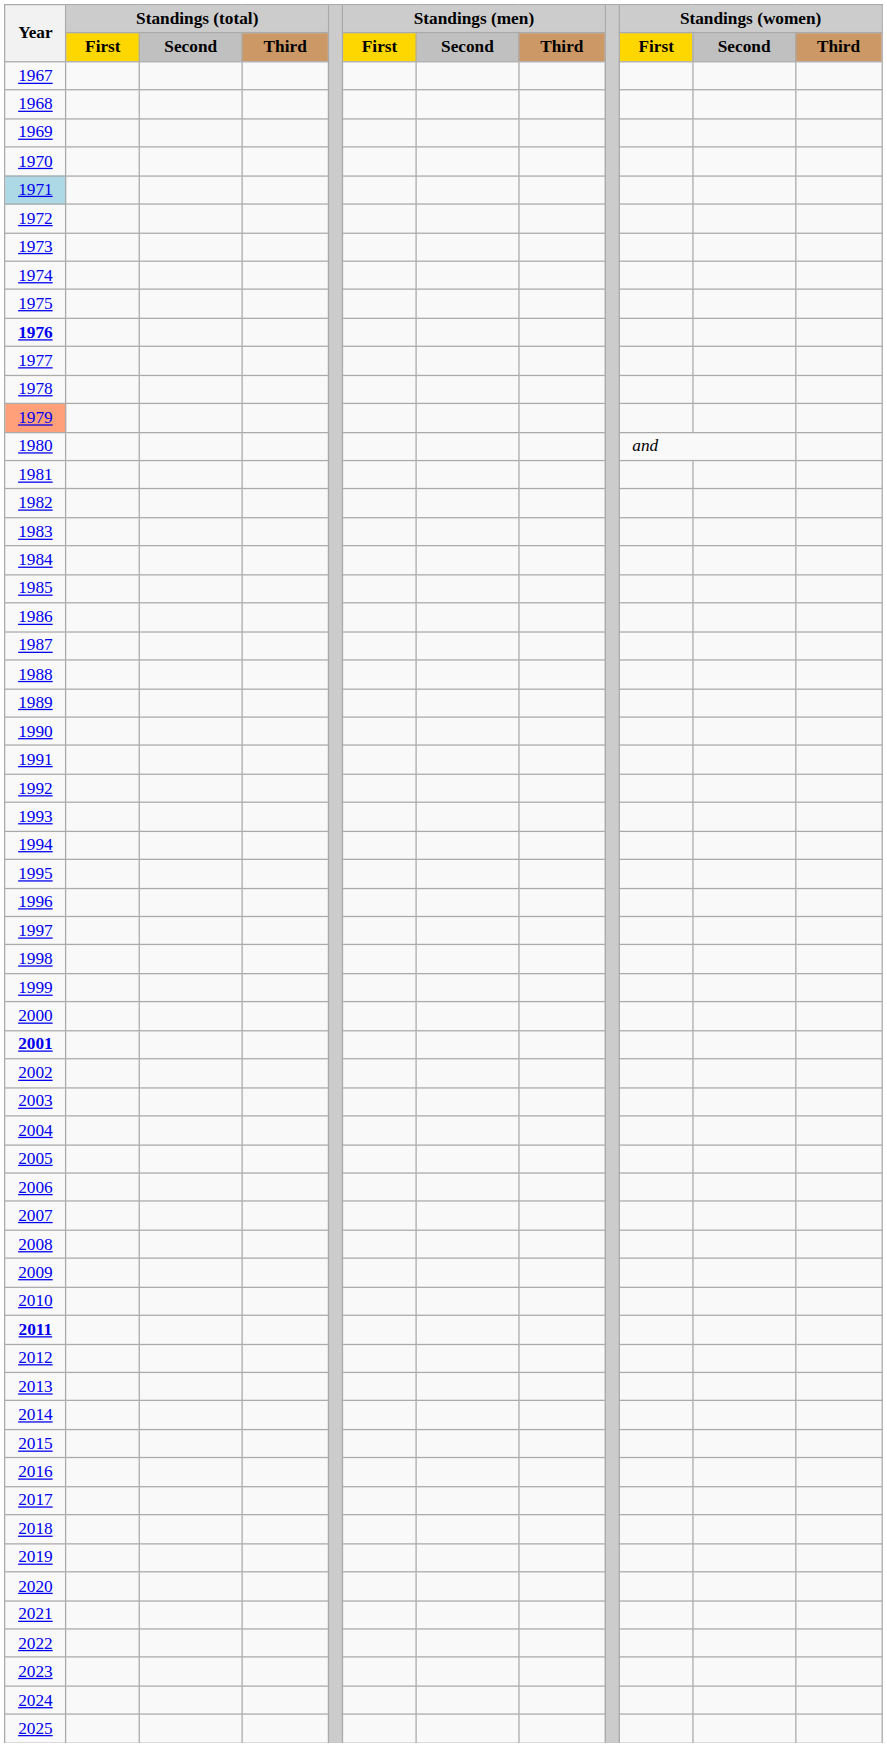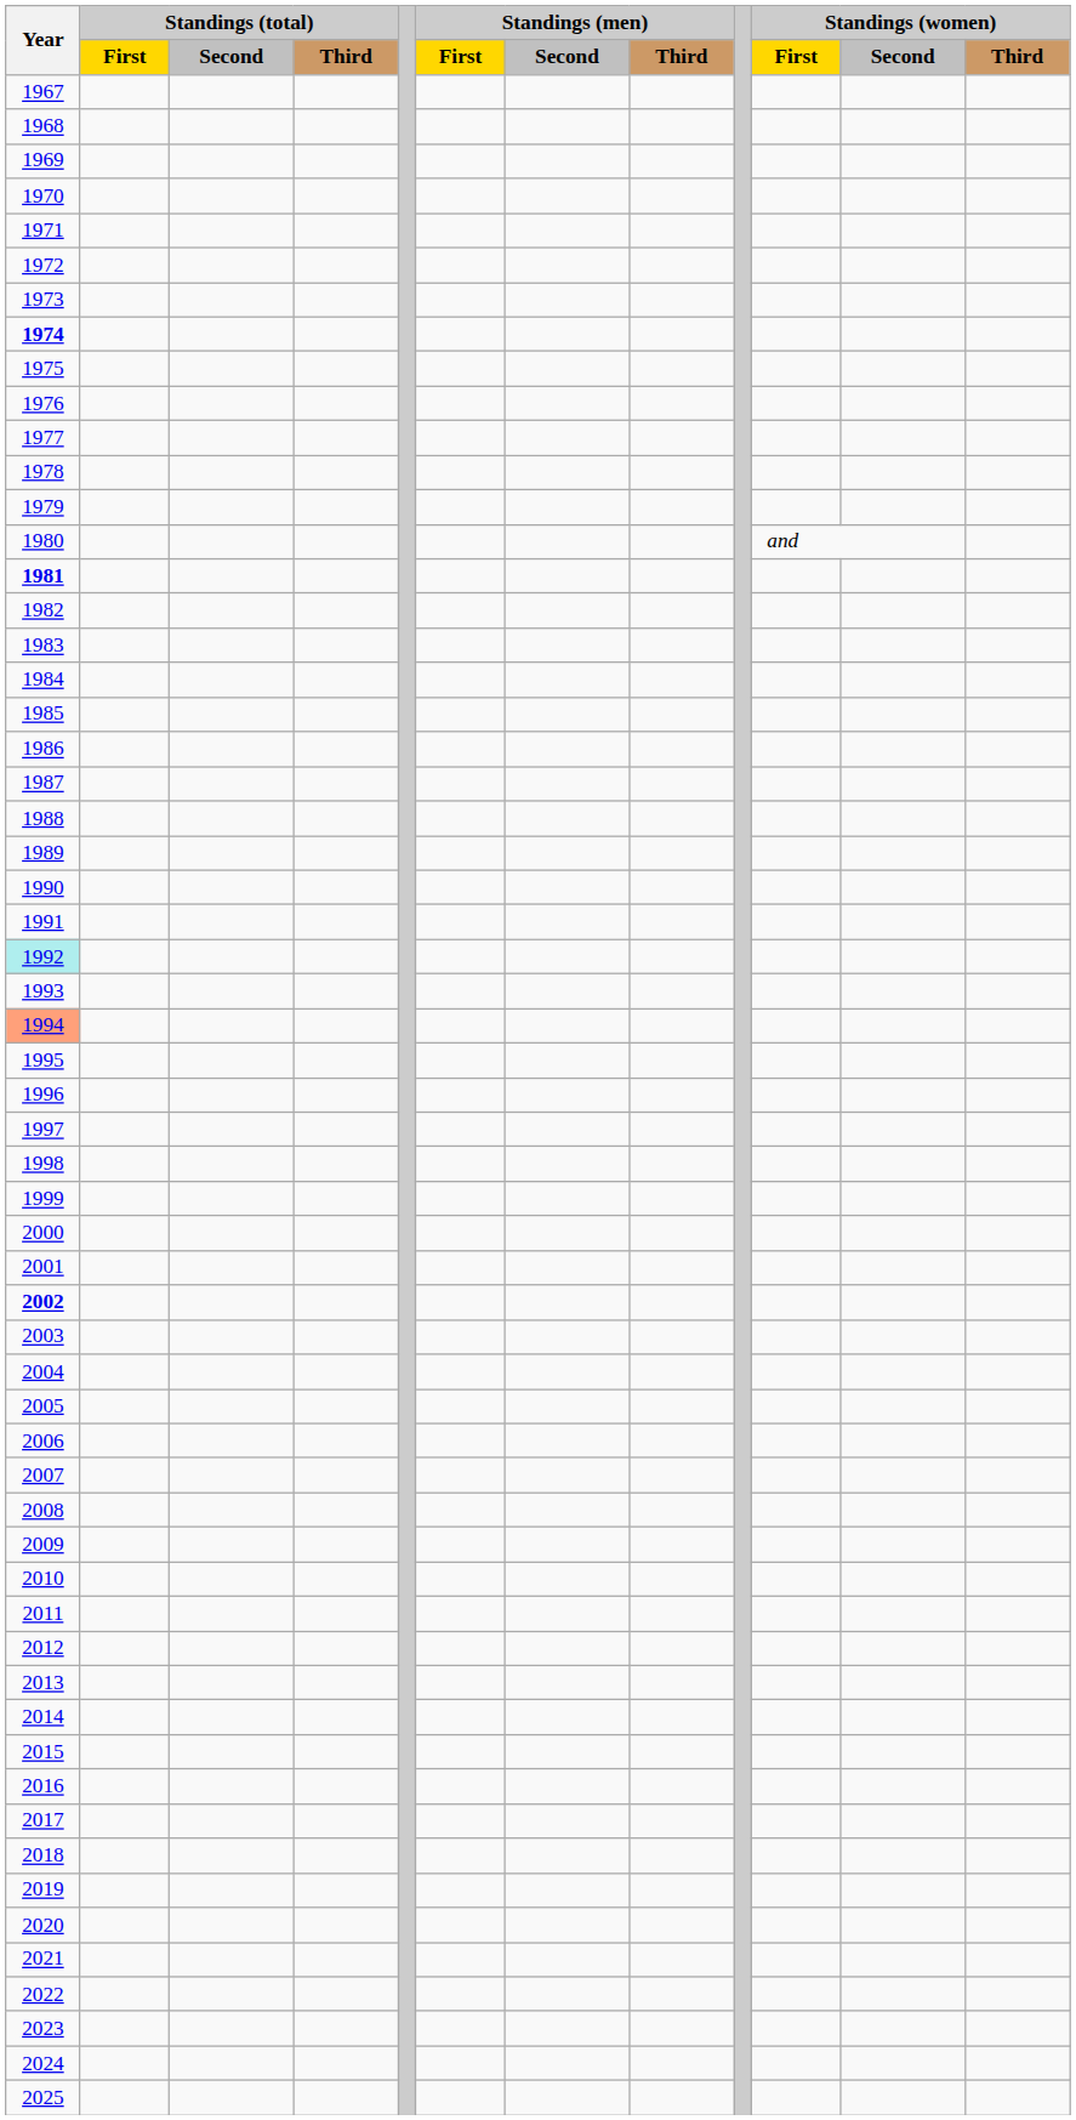 <table class="wikitable" style="font-size:85%;" line-height:15px;>
 <tr>
 <th rowspan="2" align=center width="42">Year</th>
 <th style="background-color: #ccc;" colspan="3" align=center width="200">Standings (total)</th>
 <th style="background-color: #ccc;" rowspan="61" width="5"> </th>
 <th style="background-color: #ccc;" colspan="3" align=center width="200">Standings (men)</th>
 <th style="background-color: #ccc;" rowspan="61" width="5"> </th>
 <th style="background-color: #ccc;" colspan="3" align=center width="200">Standings (women)</th>
 </tr>
 <tr style="background:#ccc; text-align:center;">
 <th style="background:gold">First</th>
 <th style="background-color: #C0C0C0;">Second</th>
 <th style="background-color: #CC9966;">Third</th>
 <th style="background:gold">First</th>
 <th style="background-color: #C0C0C0;">Second</th>
 <th style="background-color: #CC9966;">Third</th>
 <th style="background:gold">First</th>
 <th style="background-color: #C0C0C0;">Second</th>
 <th style="background-color: #CC9966;">Third</th>
 </tr>
 <tr>
 <td align=center><a href='#'>1967</a></td>
 <td></td>
 <td></td>
 <td></td>
 <td></td>
 <td></td>
 <td>  </td>
 <td></td>
 <td></td>
 <td></td>
 </tr>
 <tr>
 <td align=center><a href='#'>1968</a></td>
 <td></td>
 <td></td>
 <td></td>
 <td></td>
 <td></td>
 <td>  </td>
 <td></td>
 <td></td>
 <td></td>
 </tr>
 <tr>
 <td align=center><a href='#'>1969</a></td>
 <td></td>
 <td></td>
 <td></td>
 <td></td>
 <td></td>
 <td>  </td>
 <td></td>
 <td></td>
 <td></td>
 </tr>
 <tr>
 <td align=center><a href='#'>1970</a></td>
 <td></td>
 <td></td>
 <td></td>
 <td></td>
 <td></td>
 <td>  </td>
 <td></td>
 <td></td>
 <td></td>
 </tr>
 <tr>
-<td align=center style="background: lightblue;"><a href='#'>1971</a></td>
+<td align=center><a href='#'>1971</a></td>
 <td></td>
 <td></td>
 <td>  </td>
 <td></td>
 <td></td>
 <td></td>
 <td></td>
 <td></td>
 <td></td>
 </tr>
 <tr>
 <td align=center><a href='#'>1972</a></td>
 <td></td>
 <td></td>
 <td>  </td>
 <td style="white-space: nowrap;">  </td>
 <td></td>
 <td></td>
 <td></td>
 <td></td>
 <td></td>
 </tr>
 <tr>
 <td align=center><a href='#'>1973</a></td>
 <td></td>
 <td></td>
 <td>  </td>
 <td></td>
 <td></td>
 <td>  </td>
 <td></td>
 <td></td>
 <td style="white-space: nowrap;"></td>
 </tr>
 <tr>
-<td align=center><a href='#'>1974</a></td>
+<td align=center><strong><a href='#'>1974</a></strong></td>
 <td></td>
 <td></td>
 <td>  </td>
 <td></td>
 <td></td>
 <td>  </td>
 <td></td>
 <td style="white-space: nowrap;"></td>
 <td></td>
 </tr>
 <tr>
 <td align=center><a href='#'>1975</a></td>
 <td></td>
 <td></td>
 <td>  </td>
 <td></td>
 <td></td>
 <td>  </td>
 <td></td>
 <td>  </td>
 <td></td>
 </tr>
 <tr>
-<td align=center><strong><a href='#'>1976</a></strong></td>
+<td align=center><a href='#'>1976</a></td>
 <td></td>
 <td>  </td>
 <td></td>
 <td></td>
 <td></td>
 <td>  </td>
 <td></td>
 <td></td>
 <td>  </td>
 </tr>
 <tr>
 <td align=center><a href='#'>1977</a></td>
 <td></td>
 <td>  </td>
 <td></td>
 <td></td>
 <td>  </td>
 <td></td>
 <td></td>
 <td>  </td>
 <td></td>
 </tr>
 <tr>
 <td align=center><a href='#'>1978</a></td>
 <td></td>
 <td>  </td>
 <td></td>
 <td></td>
 <td></td>
 <td></td>
 <td></td>
 <td>  </td>
 <td></td>
 </tr>
 <tr>
-<td align=center style="background: lightsalmon;"><a href='#'>1979</a></td>
+<td align=center><a href='#'>1979</a></td>
 <td></td>
 <td>  </td>
 <td></td>
 <td></td>
 <td>  </td>
 <td></td>
 <td></td>
 <td></td>
 <td></td>
 </tr>
 <tr>
 <td align=center><a href='#'>1980</a></td>
 <td></td>
 <td>  </td>
 <td></td>
 <td></td>
 <td>  </td>
 <td></td>
 <td colspan=2>  <em>and</em>  </td>
 <td></td>
 </tr>
 <tr>
-<td align=center><a href='#'>1981</a></td>
+<td align=center><strong><a href='#'>1981</a></strong></td>
 <td>  </td>
 <td style="white-space: nowrap;"></td>
 <td></td>
 <td></td>
 <td>  </td>
 <td></td>
 <td>  </td>
 <td></td>
 <td></td>
 </tr>
 <tr>
 <td align=center><a href='#'>1982</a></td>
 <td>  </td>
 <td></td>
 <td></td>
 <td></td>
 <td>  </td>
 <td></td>
 <td style="white-space: nowrap;"></td>
 <td>  </td>
 <td></td>
 </tr>
 <tr>
 <td align=center><a href='#'>1983</a></td>
 <td>  </td>
 <td></td>
 <td></td>
 <td>  </td>
 <td></td>
 <td></td>
 <td>  </td>
 <td></td>
 <td> </td>
 </tr>
 <tr>
 <td align=center><a href='#'>1984</a></td>
 <td>  </td>
 <td></td>
 <td></td>
 <td></td>
 <td>  </td>
 <td></td>
 <td>  </td>
 <td></td>
 <td></td>
 </tr>
 <tr>
 <td align=center><a href='#'>1985</a></td>
 <td style="white-space: nowrap;">  </td>
 <td></td>
 <td></td>
 <td style="white-space: nowrap;">  </td>
 <td></td>
 <td></td>
 <td>  </td>
 <td></td>
 <td></td>
 </tr>
 <tr>
 <td align=center><a href='#'>1986</a></td>
 <td>  </td>
 <td></td>
 <td></td>
 <td></td>
 <td>  </td>
 <td></td>
 <td>  </td>
 <td></td>
 <td></td>
 </tr>
 <tr>
 <td align=center><a href='#'>1987</a></td>
 <td>  </td>
 <td></td>
 <td></td>
 <td>  </td>
 <td></td>
 <td></td>
 <td>  </td>
 <td></td>
 <td></td>
 </tr>
 <tr>
 <td align=center><a href='#'>1988</a></td>
 <td></td>
 <td>  </td>
 <td></td>
 <td></td>
 <td>  </td>
 <td></td>
 <td>  </td>
 <td></td>
 <td></td>
 </tr>
 <tr>
 <td align=center><a href='#'>1989</a></td>
 <td></td>
 <td>  </td>
 <td></td>
 <td></td>
 <td>  </td>
 <td style="white-space: nowrap;"></td>
 <td>  </td>
 <td></td>
 <td></td>
 </tr>
 <tr>
 <td align=center><a href='#'>1990</a></td>
 <td></td>
 <td>  </td>
 <td></td>
 <td></td>
 <td>  </td>
 <td></td>
 <td></td>
 <td>  </td>
 <td></td>
 </tr>
 <tr>
 <td align=center><a href='#'>1991</a></td>
 <td></td>
 <td>  </td>
 <td></td>
 <td></td>
 <td>  </td>
 <td></td>
 <td></td>
 <td>  </td>
 <td></td>
 </tr>
 <tr>
-<td align=center><a href='#'>1992</a></td>
+<td align=center style="background: paleturquoise;"><a href='#'>1992</a></td>
 <td></td>
 <td>  </td>
 <td></td>
 <td>  </td>
 <td></td>
 <td></td>
 <td></td>
 <td></td>
 <td>  </td>
 </tr>
 <tr>
 <td align=center><a href='#'>1993</a></td>
 <td></td>
 <td>  </td>
 <td></td>
 <td></td>
 <td>  </td>
 <td></td>
 <td></td>
 <td></td>
 <td>  </td>
 </tr>
 <tr>
-<td align=center><a href='#'>1994</a></td>
+<td align=center style="background: lightsalmon;"><a href='#'>1994</a></td>
 <td></td>
 <td>  </td>
 <td></td>
 <td></td>
 <td></td>
 <td>  </td>
 <td></td>
 <td></td>
 <td>  </td>
 </tr>
 <tr>
 <td align=center><a href='#'>1995</a></td>
 <td></td>
 <td>  </td>
 <td></td>
 <td></td>
 <td></td>
 <td></td>
 <td>  </td>
 <td></td>
 <td></td>
 </tr>
 <tr>
 <td align=center><a href='#'>1996</a></td>
 <td></td>
 <td>  </td>
 <td></td>
 <td></td>
 <td>  </td>
 <td></td>
 <td></td>
 <td></td>
 <td>  </td>
 </tr>
 <tr>
 <td align=center><a href='#'>1997</a></td>
 <td></td>
 <td></td>
 <td>  </td>
 <td></td>
 <td></td>
 <td></td>
 <td></td>
 <td></td>
 <td></td>
 </tr>
 <tr>
 <td align=center><a href='#'>1998</a></td>
 <td></td>
 <td></td>
 <td></td>
 <td></td>
 <td>  </td>
 <td></td>
 <td></td>
 <td></td>
 <td></td>
 </tr>
 <tr>
 <td align=center><a href='#'>1999</a></td>
 <td></td>
 <td></td>
 <td>  </td>
 <td></td>
 <td></td>
 <td>  </td>
 <td></td>
 <td></td>
 <td></td>
 </tr>
 <tr>
 <td align=center><a href='#'>2000</a></td>
 <td></td>
 <td></td>
 <td>  </td>
 <td></td>
 <td>  </td>
 <td></td>
 <td></td>
 <td></td>
 <td></td>
 </tr>
 <tr>
-<td align=center><strong><a href='#'>2001</a></strong></td>
+<td align=center><a href='#'>2001</a></td>
 <td></td>
 <td>  </td>
 <td></td>
 <td></td>
 <td>  </td>
 <td></td>
 <td></td>
 <td></td>
 <td>  </td>
 </tr>
 <tr>
-<td align=center><a href='#'>2002</a></td>
+<td align=center><strong><a href='#'>2002</a></strong></td>
 <td></td>
 <td>  </td>
 <td></td>
 <td></td>
 <td>  </td>
 <td></td>
 <td></td>
 <td>  </td>
 <td></td>
 </tr>
 <tr>
 <td align=center><a href='#'>2003</a></td>
 <td></td>
 <td>  </td>
 <td></td>
 <td></td>
 <td>  </td>
 <td></td>
 <td></td>
 <td></td>
 <td></td>
 </tr>
 <tr>
 <td align=center><a href='#'>2004</a></td>
 <td></td>
 <td></td>
 <td></td>
 <td></td>
 <td></td>
 <td>  </td>
 <td></td>
 <td></td>
 <td></td>
 </tr>
 <tr>
 <td align=center><a href='#'>2005</a></td>
 <td></td>
 <td></td>
 <td></td>
 <td style="white-space: nowrap;"></td>
 <td></td>
 <td></td>
 <td></td>
 <td></td>
 <td></td>
 </tr>
 <tr>
 <td align=center><a href='#'>2006</a></td>
 <td></td>
 <td></td>
 <td></td>
 <td></td>
 <td></td>
 <td></td>
 <td></td>
 <td></td>
 <td></td>
 </tr>
 <tr>
 <td align=center><a href='#'>2007</a></td>
 <td></td>
 <td>  </td>
 <td></td>
 <td></td>
 <td>  </td>
 <td></td>
 <td></td>
 <td></td>
 <td></td>
 </tr>
 <tr>
 <td align=center><a href='#'>2008</a></td>
 <td></td>
 <td>  </td>
 <td></td>
 <td></td>
 <td>  </td>
 <td></td>
 <td></td>
 <td></td>
 <td></td>
 </tr>
 <tr>
 <td align=center><a href='#'>2009</a></td>
 <td></td>
 <td>  </td>
 <td></td>
 <td></td>
 <td>  </td>
 <td></td>
 <td></td>
 <td>  </td>
 <td></td>
 </tr>
 <tr>
 <td align=center><a href='#'>2010</a></td>
 <td></td>
 <td>  </td>
 <td></td>
 <td></td>
 <td>  </td>
 <td></td>
 <td></td>
 <td></td>
 <td>  </td>
 </tr>
 <tr>
-<td align=center><strong><a href='#'>2011</a></strong></td>
+<td align=center><a href='#'>2011</a></td>
 <td></td>
 <td>  </td>
 <td></td>
 <td></td>
 <td>  </td>
 <td></td>
 <td></td>
 <td></td>
 <td></td>
 </tr>
 <tr>
 <td align=center><a href='#'>2012</a></td>
 <td></td>
 <td></td>
 <td>  </td>
 <td></td>
 <td>  </td>
 <td></td>
 <td></td>
 <td></td>
 <td></td>
 </tr>
 <tr>
 <td align=center><a href='#'>2013</a></td>
 <td></td>
 <td></td>
 <td></td>
 <td></td>
 <td></td>
 <td></td>
 <td></td>
 <td></td>
 <td></td>
 </tr>
 <tr>
 <td align=center><a href='#'>2014</a></td>
 <td></td>
 <td>  </td>
 <td></td>
 <td></td>
 <td></td>
 <td></td>
 <td></td>
 <td>  </td>
 <td></td>
 </tr>
 <tr>
 <td align=center><a href='#'>2015</a></td>
 <td></td>
 <td></td>
 <td>  </td>
 <td></td>
 <td></td>
 <td></td>
 <td></td>
 <td></td>
 <td></td>
 </tr>
 <tr>
 <td align=center><a href='#'>2016</a></td>
 <td></td>
 <td></td>
 <td></td>
 <td></td>
 <td></td>
 <td></td>
 <td></td>
 <td></td>
 <td>  </td>
 </tr>
 <tr>
 <td align=center><a href='#'>2017</a></td>
 <td></td>
 <td></td>
 <td>  </td>
 <td></td>
 <td></td>
 <td></td>
 <td></td>
 <td></td>
 <td>  </td>
 </tr>
 <tr>
 <td align=center><a href='#'>2018</a></td>
 <td></td>
 <td>  </td>
 <td></td>
 <td></td>
 <td></td>
 <td>  </td>
 <td></td>
 <td>  </td>
 <td>  </td>
 </tr>
 <tr>
 <td align=center><a href='#'>2019</a></td>
 <td></td>
 <td>  </td>
 <td></td>
 <td></td>
 <td>  </td>
 <td></td>
 <td></td>
 <td>  </td>
 <td>  </td>
 </tr>
 <tr>
 <td align=center><a href='#'>2020</a></td>
 <td>  </td>
 <td></td>
 <td></td>
 <td>  </td>
 <td></td>
 <td></td>
 <td></td>
 <td></td>
 <td>  </td>
 </tr>
 <tr>
 <td align=center><a href='#'>2021</a></td>
 <td>  </td>
 <td></td>
 <td></td>
 <td>  </td>
 <td></td>
 <td></td>
 <td>  </td>
 <td></td>
 <td></td>
 </tr>
 <tr>
 <td align=center><a href='#'>2022</a></td>
 <td></td>
 <td>  </td>
 <td></td>
 <td>  </td>
 <td></td>
 <td></td>
 <td></td>
 <td>  </td>
 <td></td>
 </tr>
 <tr>
 <td align=center><a href='#'>2023</a></td>
 <td>  </td>
 <td></td>
 <td></td>
 <td>  </td>
 <td></td>
 <td></td>
 <td>  </td>
 <td></td>
 <td></td>
 </tr>
 <tr>
 <td align=center><a href='#'>2024</a></td>
 <td>  </td>
 <td></td>
 <td></td>
 <td>  </td>
 <td></td>
 <td></td>
 <td></td>
 <td>  </td>
 <td></td>
 </tr>
 <tr>
 <td align=center><a href='#'>2025</a></td>
 <td>  </td>
 <td></td>
 <td></td>
 <td>  </td>
 <td></td>
 <td></td>
 <td></td>
 <td>  </td>
 <td></td>
 </tr>
 </table>
